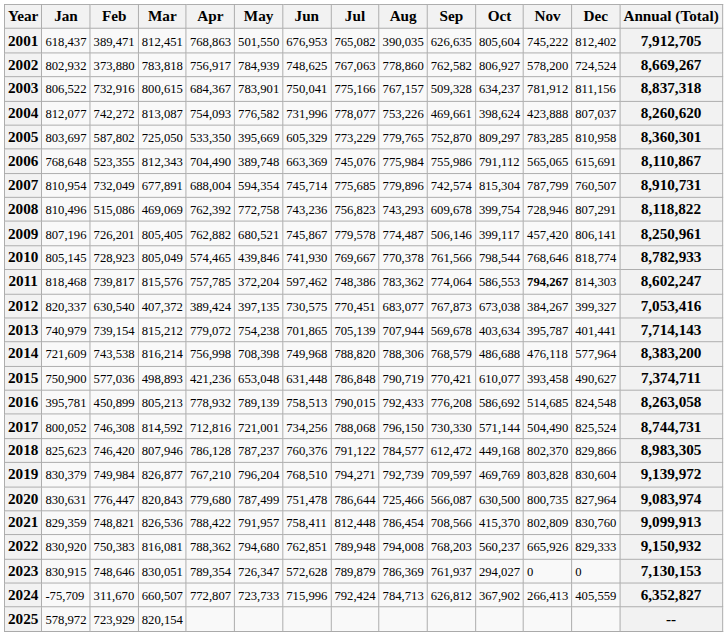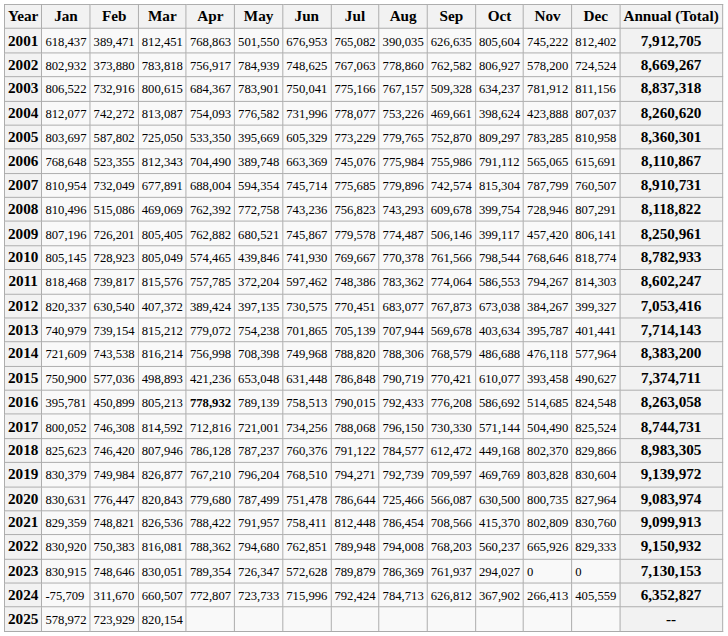 <table class="wikitable">
 <tr>
 <th>Year</th>
 <th>Jan</th>
 <th>Feb</th>
 <th>Mar</th>
 <th>Apr</th>
 <th>May</th>
 <th>Jun</th>
 <th>Jul</th>
 <th>Aug</th>
 <th>Sep</th>
 <th>Oct</th>
 <th>Nov</th>
 <th>Dec</th>
 <th>Annual (Total)</th>
 </tr>
 <tr>
 <th>2001</th>
 <td><small>618,437</small></td>
 <td><small>389,471</small></td>
 <td><small>812,451</small></td>
 <td><small>768,863</small></td>
 <td><small>501,550</small></td>
 <td><small>676,953</small></td>
 <td><small>765,082</small></td>
 <td><small>390,035</small></td>
 <td><small>626,635</small></td>
 <td><small>805,604</small></td>
 <td><small>745,222</small></td>
 <td><small>812,402</small></td>
 <th>7,912,705</th>
 </tr>
 <tr>
 <th>2002</th>
 <td><small>802,932</small></td>
 <td><small>373,880</small></td>
 <td><small>783,818</small></td>
 <td><small>756,917</small></td>
 <td><small>784,939</small></td>
 <td><small>748,625</small></td>
 <td><small>767,063</small></td>
 <td><small>778,860</small></td>
 <td><small>762,582</small></td>
 <td><small>806,927</small></td>
 <td><small>578,200</small></td>
 <td><small>724,524</small></td>
 <th>8,669,267</th>
 </tr>
 <tr>
 <th>2003</th>
 <td><small>806,522</small></td>
 <td><small>732,916</small></td>
 <td><small>800,615</small></td>
 <td><small>684,367</small></td>
 <td><small>783,901</small></td>
 <td><small>750,041</small></td>
 <td><small>775,166</small></td>
 <td><small>767,157</small></td>
 <td><small>509,328</small></td>
 <td><small>634,237</small></td>
 <td><small>781,912</small></td>
 <td><small>811,156</small></td>
 <th>8,837,318</th>
 </tr>
 <tr>
 <th>2004</th>
 <td><small>812,077</small></td>
 <td><small>742,272</small></td>
 <td><small>813,087</small></td>
 <td><small>754,093</small></td>
 <td><small>776,582</small></td>
 <td><small>731,996</small></td>
 <td><small>778,077</small></td>
 <td><small>753,226</small></td>
 <td><small>469,661</small></td>
 <td><small>398,624</small></td>
 <td><small>423,888</small></td>
 <td><small>807,037</small></td>
 <th>8,260,620</th>
 </tr>
 <tr>
 <th>2005</th>
 <td><small>803,697</small></td>
 <td><small>587,802</small></td>
 <td><small>725,050</small></td>
 <td><small>533,350</small></td>
 <td><small>395,669</small></td>
 <td><small>605,329</small></td>
 <td><small>773,229</small></td>
 <td><small>779,765</small></td>
 <td><small>752,870</small></td>
 <td><small>809,297</small></td>
 <td><small>783,285</small></td>
 <td><small>810,958</small></td>
 <th>8,360,301</th>
 </tr>
 <tr>
 <th>2006</th>
 <td><small>768,648</small></td>
 <td><small>523,355</small></td>
 <td><small>812,343</small></td>
 <td><small>704,490</small></td>
 <td><small>389,748</small></td>
 <td><small>663,369</small></td>
 <td><small>745,076</small></td>
 <td><small>775,984</small></td>
 <td><small>755,986</small></td>
 <td><small>791,112</small></td>
 <td><small>565,065</small></td>
 <td><small>615,691</small></td>
 <th>8,110,867</th>
 </tr>
 <tr>
 <th>2007</th>
 <td><small>810,954</small></td>
 <td><small>732,049</small></td>
 <td><small>677,891</small></td>
 <td><small>688,004</small></td>
 <td><small>594,354</small></td>
 <td><small>745,714</small></td>
 <td><small>775,685</small></td>
 <td><small>779,896</small></td>
 <td><small>742,574</small></td>
 <td><small>815,304</small></td>
 <td><small>787,799</small></td>
 <td><small>760,507</small></td>
 <th>8,910,731</th>
 </tr>
 <tr>
 <th>2008</th>
 <td><small>810,496</small></td>
 <td><small>515,086</small></td>
 <td><small>469,069</small></td>
 <td><small>762,392</small></td>
 <td><small>772,758</small></td>
 <td><small>743,236</small></td>
 <td><small>756,823</small></td>
 <td><small>743,293</small></td>
 <td><small>609,678</small></td>
 <td><small>399,754</small></td>
 <td><small>728,946</small></td>
 <td><small>807,291</small></td>
 <th>8,118,822</th>
 </tr>
 <tr>
 <th>2009</th>
 <td><small>807,196</small></td>
 <td><small>726,201</small></td>
 <td><small>805,405</small></td>
 <td><small>762,882</small></td>
 <td><small>680,521</small></td>
 <td><small>745,867</small></td>
 <td><small>779,578</small></td>
 <td><small>774,487</small></td>
 <td><small>506,146</small></td>
 <td><small>399,117</small></td>
 <td><small>457,420</small></td>
 <td><small>806,141</small></td>
 <th>8,250,961</th>
 </tr>
 <tr>
 <th>2010</th>
 <td><small>805,145</small></td>
 <td><small>728,923</small></td>
 <td><small>805,049</small></td>
 <td><small>574,465</small></td>
 <td><small>439,846</small></td>
 <td><small>741,930</small></td>
 <td><small>769,667</small></td>
 <td><small>770,378</small></td>
 <td><small>761,566</small></td>
 <td><small>798,544</small></td>
 <td><small>768,646</small></td>
 <td><small>818,774</small></td>
 <th>8,782,933</th>
 </tr>
 <tr>
 <th>2011</th>
 <td><small>818,468</small></td>
 <td><small>739,817</small></td>
 <td><small>815,576</small></td>
 <td><small>757,785</small></td>
 <td><small>372,204</small></td>
 <td><small>597,462</small></td>
 <td><small>748,386</small></td>
 <td><small>783,362</small></td>
 <td><small>774,064</small></td>
 <td><small>586,553</small></td>
-<td><strong><small>794,267</small></strong></td>
+<td><small>794,267</small></td>
 <td><small>814,303</small></td>
 <th>8,602,247</th>
 </tr>
 <tr>
 <th>2012</th>
 <td><small>820,337</small></td>
 <td><small>630,540</small></td>
 <td><small>407,372</small></td>
 <td><small>389,424</small></td>
 <td><small>397,135</small></td>
 <td><small>730,575</small></td>
 <td><small>770,451</small></td>
 <td><small>683,077</small></td>
 <td><small>767,873</small></td>
 <td><small>673,038</small></td>
 <td><small>384,267</small></td>
 <td><small>399,327</small></td>
 <th>7,053,416</th>
 </tr>
 <tr>
 <th>2013</th>
 <td><small>740,979</small></td>
 <td><small>739,154</small></td>
 <td><small>815,212</small></td>
 <td><small>779,072</small></td>
 <td><small>754,238</small></td>
 <td><small>701,865</small></td>
 <td><small>705,139</small></td>
 <td><small>707,944</small></td>
 <td><small>569,678</small></td>
 <td><small>403,634</small></td>
 <td><small>395,787</small></td>
 <td><small>401,441</small></td>
 <th>7,714,143</th>
 </tr>
 <tr>
 <th>2014</th>
 <td><small>721,609</small></td>
 <td><small>743,538</small></td>
 <td><small>816,214</small></td>
 <td><small>756,998</small></td>
 <td><small>708,398</small></td>
 <td><small>749,968</small></td>
 <td><small>788,820</small></td>
 <td><small>788,306</small></td>
 <td><small>768,579</small></td>
 <td><small>486,688</small></td>
 <td><small>476,118</small></td>
 <td><small>577,964</small></td>
 <th>8,383,200</th>
 </tr>
 <tr>
 <th>2015</th>
 <td><small>750,900</small></td>
 <td><small>577,036</small></td>
 <td><small>498,893</small></td>
 <td><small>421,236</small></td>
 <td><small>653,048</small></td>
 <td><small>631,448</small></td>
 <td><small>786,848</small></td>
 <td><small>790,719</small></td>
 <td><small>770,421</small></td>
 <td><small>610,077</small></td>
 <td><small>393,458</small></td>
 <td><small>490,627</small></td>
 <th>7,374,711</th>
 </tr>
 <tr>
 <th>2016</th>
 <td><small>395,781</small></td>
 <td><small>450,899</small></td>
 <td><small>805,213</small></td>
-<td><small>778,932</small></td>
+<td><strong><small>778,932</small></strong></td>
 <td><small>789,139</small></td>
 <td><small>758,513</small></td>
 <td><small>790,015</small></td>
 <td><small>792,433</small></td>
 <td><small>776,208</small></td>
 <td><small>586,692</small></td>
 <td><small>514,685</small></td>
 <td><small>824,548</small></td>
 <th>8,263,058</th>
 </tr>
 <tr>
 <th>2017</th>
 <td><small>800,052</small></td>
 <td><small>746,308</small></td>
 <td><small>814,592</small></td>
 <td><small>712,816</small></td>
 <td><small>721,001</small></td>
 <td><small>734,256</small></td>
 <td><small>788,068</small></td>
 <td><small>796,150</small></td>
 <td><small>730,330</small></td>
 <td><small>571,144</small></td>
 <td><small>504,490</small></td>
 <td><small>825,524</small></td>
 <th>8,744,731</th>
 </tr>
 <tr>
 <th>2018</th>
 <td><small>825,623</small></td>
 <td><small>746,420</small></td>
 <td><small>807,946</small></td>
 <td><small>786,128</small></td>
 <td><small>787,237</small></td>
 <td><small>760,376</small></td>
 <td><small>791,122</small></td>
 <td><small>784,577</small></td>
 <td><small>612,472</small></td>
 <td><small>449,168</small></td>
 <td><small>802,370</small></td>
 <td><small>829,866</small></td>
 <th>8,983,305</th>
 </tr>
 <tr>
 <th>2019</th>
 <td><small>830,379</small></td>
 <td><small>749,984</small></td>
 <td><small>826,877</small></td>
 <td><small>767,210</small></td>
 <td><small>796,204</small></td>
 <td><small>768,510</small></td>
 <td><small>794,271</small></td>
 <td><small>792,739</small></td>
 <td><small>709,597</small></td>
 <td><small>469,769</small></td>
 <td><small>803,828</small></td>
 <td><small>830,604</small></td>
 <th>9,139,972</th>
 </tr>
 <tr>
 <th>2020</th>
 <td><small>830,631</small></td>
 <td><small>776,447</small></td>
 <td><small>820,843</small></td>
 <td><small>779,680</small></td>
 <td><small>787,499</small></td>
 <td><small>751,478</small></td>
 <td><small>786,644</small></td>
 <td><small>725,466</small></td>
 <td><small>566,087</small></td>
 <td><small>630,500</small></td>
 <td><small>800,735</small></td>
 <td><small>827,964</small></td>
 <th>9,083,974</th>
 </tr>
 <tr>
 <th>2021</th>
 <td><small>829,359</small></td>
 <td><small>748,821</small></td>
 <td><small>826,536</small></td>
 <td><small>788,422</small></td>
 <td><small>791,957</small></td>
 <td><small>758,411</small></td>
 <td><small>812,448</small></td>
 <td><small>786,454</small></td>
 <td><small>708,566</small></td>
 <td><small>415,370</small></td>
 <td><small>802,809</small></td>
 <td><small>830,760</small></td>
 <th>9,099,913</th>
 </tr>
 <tr>
 <th>2022</th>
 <td><small>830,920</small></td>
 <td><small>750,383</small></td>
 <td><small>816,081</small></td>
 <td><small>788,362</small></td>
 <td><small>794,680</small></td>
 <td><small>762,851</small></td>
 <td><small>789,948</small></td>
 <td><small>794,008</small></td>
 <td><small>768,203</small></td>
 <td><small>560,237</small></td>
 <td><small>665,926</small></td>
 <td><small>829,333</small></td>
 <th>9,150,932</th>
 </tr>
 <tr>
 <th>2023</th>
 <td><small>830,915</small></td>
 <td><small>748,646</small></td>
 <td><small>830,051</small></td>
 <td><small>789,354</small></td>
 <td><small>726,347</small></td>
 <td><small>572,628</small></td>
 <td><small>789,879</small></td>
 <td><small>786,369</small></td>
 <td><small>761,937</small></td>
 <td><small>294,027</small></td>
 <td><small>0</small></td>
 <td><small>0</small></td>
 <th>7,130,153</th>
 </tr>
 <tr>
 <th>2024</th>
 <td><small>-75,709</small></td>
 <td><small>311,670</small></td>
 <td><small>660,507</small></td>
 <td><small>772,807</small></td>
 <td><small>723,733</small></td>
 <td><small>715,996</small></td>
 <td><small>792,424</small></td>
 <td><small>784,713</small></td>
 <td><small>626,812</small></td>
 <td><small>367,902</small></td>
 <td><small>266,413</small></td>
 <td><small>405,559</small></td>
 <th>6,352,827</th>
 </tr>
 <tr>
 <th>2025</th>
 <td><small>578,972</small></td>
 <td><small>723,929</small></td>
 <td><small>820,154</small></td>
 <td><small></small></td>
 <td><small></small></td>
 <td><small></small></td>
 <td><small></small></td>
 <td><small></small></td>
 <td><small></small></td>
 <td><small></small></td>
 <td><small></small></td>
 <td><small></small></td>
 <th>--</th>
 </tr>
 <tr>
 </tr>
 </table>
